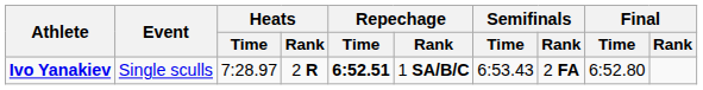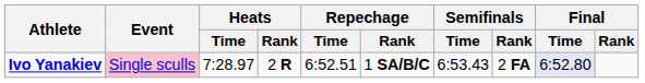 <table class="wikitable" style="font-size:90%;">
 <tr>
 <th rowspan="2">Athlete</th>
 <th rowspan="2">Event</th>
 <th colspan="2">Heats</th>
 <th colspan="2">Repechage</th>
 <th colspan="2">Semifinals</th>
 <th colspan="2">Final</th>
 </tr>
 <tr style="font-size:95%">
 <th>Time</th>
 <th>Rank</th>
 <th>Time</th>
 <th>Rank</th>
 <th>Time</th>
 <th>Rank</th>
 <th>Time</th>
 <th>Rank</th>
 </tr>
 <tr align=center>
 <td align=left><strong><a href='#'>Ivo Yanakiev</a></strong></td>
-<td align=left><a href='#'>Single sculls</a></td>
+<td align=left style="background: pink;"><a href='#'>Single sculls</a></td>
 <td>7:28.97</td>
 <td>2 <strong>R</strong></td>
-<td><strong>6:52.51</strong></td>
+<td>6:52.51</td>
 <td>1 <strong>SA/B/C</strong></td>
 <td>6:53.43</td>
 <td>2 <strong>FA</strong></td>
-<td>6:52.80</td>
+<td style="background: lavender;">6:52.80</td>
 <td></td>
 </tr>
 </table>
